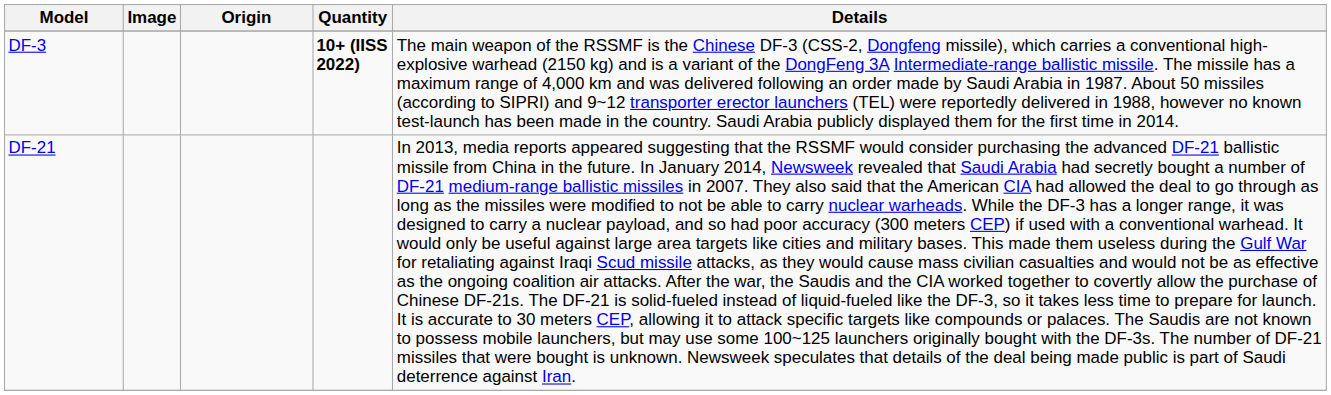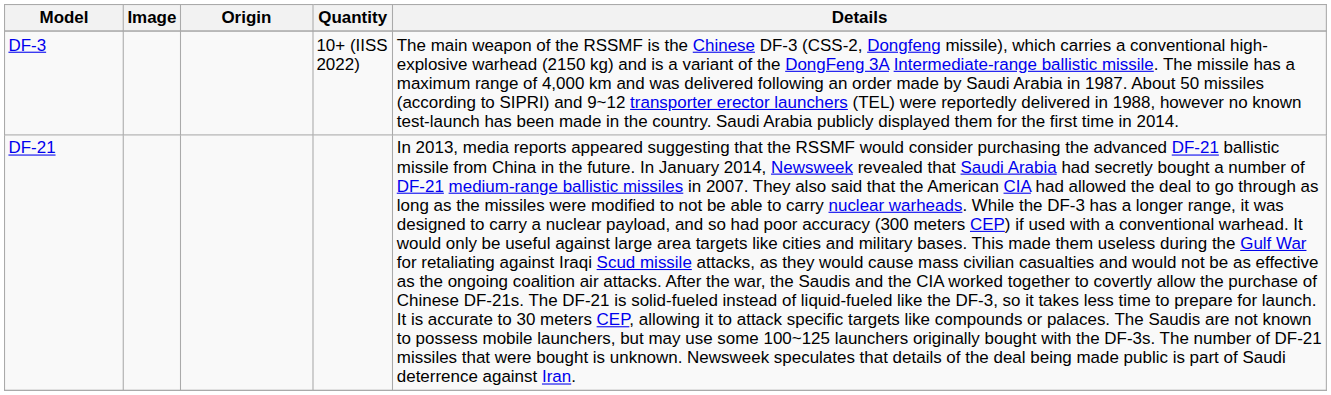 <table class="wikitable">
 <tr>
 <th style="width:9%;">Model</th>
 <th>Image</th>
 <th style="width:10%;">Origin</th>
 <th>Quantity</th>
 <th>Details</th>
 </tr>
 <tr>
 </tr>
 <tr valign="top">
 <td><a href='#'>DF-3</a></td>
 <td></td>
 <td></td>
-<td><strong>10+ (IISS 2022)</strong></td>
+<td>10+ (IISS 2022)</td>
 <td>The main weapon of the RSSMF is the <a href='#'>Chinese</a> DF-3 (CSS-2, <a href='#'>Dongfeng</a> missile), which carries a conventional high-explosive warhead (2150 kg) and is a variant of the <a href='#'>DongFeng 3A</a> <a href='#'>Intermediate-range ballistic missile</a>. The missile has a maximum range of 4,000 km and was delivered following an order made by Saudi Arabia in 1987. About 50 missiles (according to SIPRI) and 9~12 <a href='#'>transporter erector launchers</a> (TEL) were reportedly delivered in 1988, however no known test-launch has been made in the country. Saudi Arabia publicly displayed them for the first time in 2014.</td>
 </tr>
 <tr valign="top">
 <td><a href='#'>DF-21</a></td>
 <td></td>
 <td></td>
 <td></td>
 <td>In 2013, media reports appeared suggesting that the RSSMF would consider purchasing the advanced <a href='#'>DF-21</a> ballistic missile from China in the future. In January 2014, <a href='#'>Newsweek</a> revealed that <a href='#'>Saudi Arabia</a> had secretly bought a number of <a href='#'>DF-21</a> <a href='#'>medium-range ballistic missiles</a> in 2007.  They also said that the American <a href='#'>CIA</a> had allowed the deal to go through as long as the missiles were modified to not be able to carry <a href='#'>nuclear warheads</a>.  While the DF-3 has a longer range, it was designed to carry a nuclear payload, and so had poor accuracy (300 meters <a href='#'>CEP</a>) if used with a conventional warhead.  It would only be useful against large area targets like cities and military bases.  This made them useless during the <a href='#'>Gulf War</a> for retaliating against Iraqi <a href='#'>Scud missile</a> attacks, as they would cause mass civilian casualties and would not be as effective as the ongoing coalition air attacks.  After the war, the Saudis and the CIA worked together to covertly allow the purchase of Chinese DF-21s. The DF-21 is solid-fueled instead of liquid-fueled like the DF-3, so it takes less time to prepare for launch.  It is accurate to 30 meters <a href='#'>CEP</a>, allowing it to attack specific targets like compounds or palaces.  The Saudis are not known to possess mobile launchers, but may use some 100~125 launchers originally bought with the DF-3s.  The number of DF-21 missiles that were bought is unknown.  Newsweek speculates that details of the deal being made public is part of Saudi deterrence against <a href='#'>Iran</a>.</td>
 </tr>
 <tr>
 </tr>
 </table>
